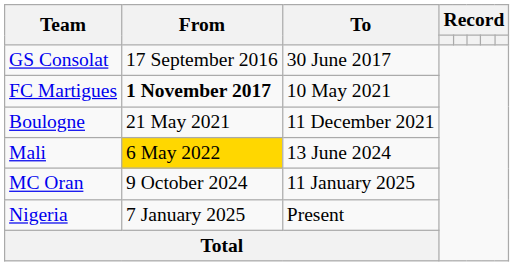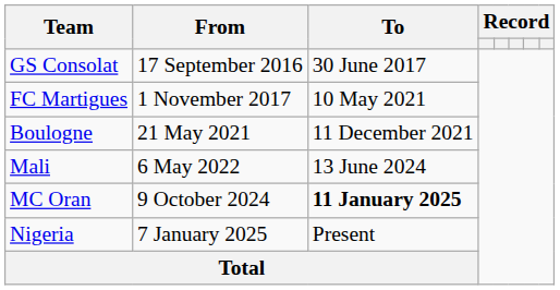 <table class="wikitable" style="text-align: center;">
 <tr>
 <th rowspan="2">Team</th>
 <th rowspan="2">From</th>
 <th rowspan="2">To</th>
 <th colspan="5">Record</th>
 </tr>
 <tr>
 <th></th>
 <th></th>
 <th></th>
 <th></th>
 <th></th>
 </tr>
 <tr>
 <td align="left"><a href='#'>GS Consolat</a></td>
 <td align="left">17 September 2016</td>
 <td align="left">30 June 2017<br></td>
 </tr>
 <tr>
 <td align="left"><a href='#'>FC Martigues</a></td>
-<td align="left"><strong>1 November 2017</strong></td>
+<td align="left">1 November 2017</td>
 <td align="left">10 May 2021<br></td>
 </tr>
 <tr>
 <td align="left"><a href='#'>Boulogne</a></td>
 <td align="left">21 May 2021</td>
 <td align="left">11 December 2021<br></td>
 </tr>
 <tr>
 <td align=left><a href='#'>Mali</a></td>
-<td align=left style="background: gold;">6 May 2022</td>
+<td align=left>6 May 2022</td>
 <td align=left>13 June 2024<br></td>
 </tr>
 <tr>
 <td align=left><a href='#'>MC Oran</a></td>
 <td align=left>9 October 2024</td>
-<td align=left>11 January 2025<br></td>
+<td align=left><strong>11 January 2025<br></strong></td>
 </tr>
 <tr>
 <td align=left><a href='#'>Nigeria</a></td>
 <td align=left>7 January 2025</td>
 <td align=left>Present<br></td>
 </tr>
 <tr>
 <th colspan="3">Total<br></th>
 </tr>
 </table>
